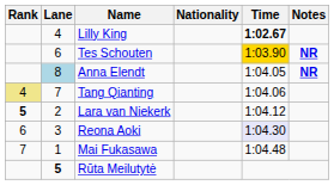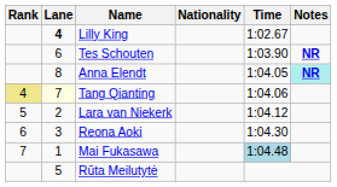 <table class="wikitable sortable" style="text-align:center">
 <tr>
 <th>Rank</th>
 <th>Lane</th>
 <th>Name</th>
 <th>Nationality</th>
 <th>Time</th>
 <th>Notes</th>
 </tr>
 <tr>
 <td></td>
-<td>4</td>
+<td><strong>4</strong></td>
 <td align=left><a href='#'>Lilly King</a></td>
 <td align=left></td>
-<td><strong>1:02.67</strong></td>
+<td>1:02.67</td>
 <td></td>
 </tr>
 <tr>
 <td></td>
 <td>6</td>
 <td align=left><a href='#'>Tes Schouten</a></td>
 <td align=left></td>
-<td style="background: gold;">1:03.90</td>
+<td>1:03.90</td>
 <td><strong><a href='#'>NR</a></strong></td>
 </tr>
 <tr>
 <td></td>
-<td style="background: lightblue;">8</td>
+<td>8</td>
 <td align=left><a href='#'>Anna Elendt</a></td>
 <td align=left></td>
 <td>1:04.05</td>
-<td><strong><a href='#'>NR</a></strong></td>
+<td style="background: paleturquoise;"><strong><a href='#'>NR</a></strong></td>
 </tr>
 <tr>
 <td style="background: khaki;">4</td>
-<td>7</td>
+<td style="background: lightyellow;">7</td>
 <td align=left><a href='#'>Tang Qianting</a></td>
 <td align=left></td>
 <td>1:04.06</td>
 <td></td>
 </tr>
 <tr>
-<td><strong>5</strong></td>
+<td>5</td>
 <td>2</td>
 <td align=left><a href='#'>Lara van Niekerk</a></td>
 <td align=left></td>
 <td>1:04.12</td>
 <td></td>
 </tr>
 <tr>
 <td>6</td>
 <td>3</td>
 <td align=left><a href='#'>Reona Aoki</a></td>
 <td align=left></td>
-<td style="background: lavender;">1:04.30</td>
+<td>1:04.30</td>
 <td></td>
 </tr>
 <tr>
 <td>7</td>
 <td>1</td>
 <td align=left><a href='#'>Mai Fukasawa</a></td>
 <td align=left></td>
-<td>1:04.48</td>
+<td style="background: lightblue;">1:04.48</td>
 <td></td>
 </tr>
 <tr>
 <td></td>
-<td><strong>5</strong></td>
+<td>5</td>
 <td align=left><a href='#'>Rūta Meilutytė</a></td>
 <td align=left></td>
 <td colspan=2></td>
 </tr>
 </table>
